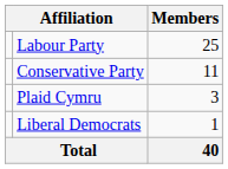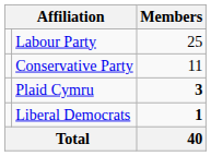 <table class="wikitable">
 <tr>
 <th colspan="2">Affiliation</th>
 <th>Members</th>
 </tr>
 <tr>
 <td style="color:inherit;background:"></td>
 <td><a href='#'>Labour Party</a></td>
 <td style="text-align:right;">25</td>
 </tr>
 <tr>
 <td style="color:inherit;background:"></td>
 <td><a href='#'>Conservative Party</a></td>
 <td style="text-align:right;">11</td>
 </tr>
 <tr>
 <td style="color:inherit;background:"></td>
 <td><a href='#'>Plaid Cymru</a></td>
-<td style="text-align:right;">3</td>
+<td style="text-align:right;"><strong>3</strong></td>
 </tr>
 <tr>
 <td style="color:inherit;background:"></td>
 <td><a href='#'>Liberal Democrats</a></td>
-<td style="text-align:right;">1</td>
+<td style="text-align:right;"><strong>1</strong></td>
 </tr>
 <tr>
 <th colspan="2"> Total</th>
 <th style="text-align:right;">40</th>
 </tr>
 </table>
